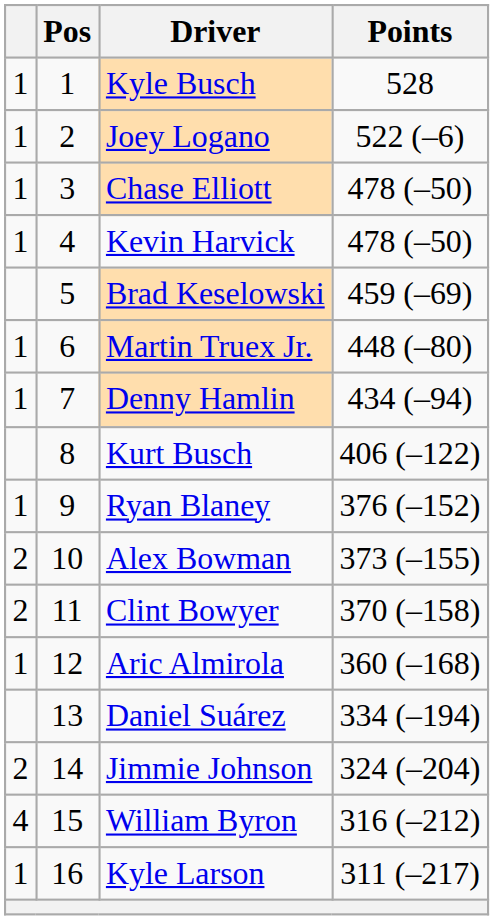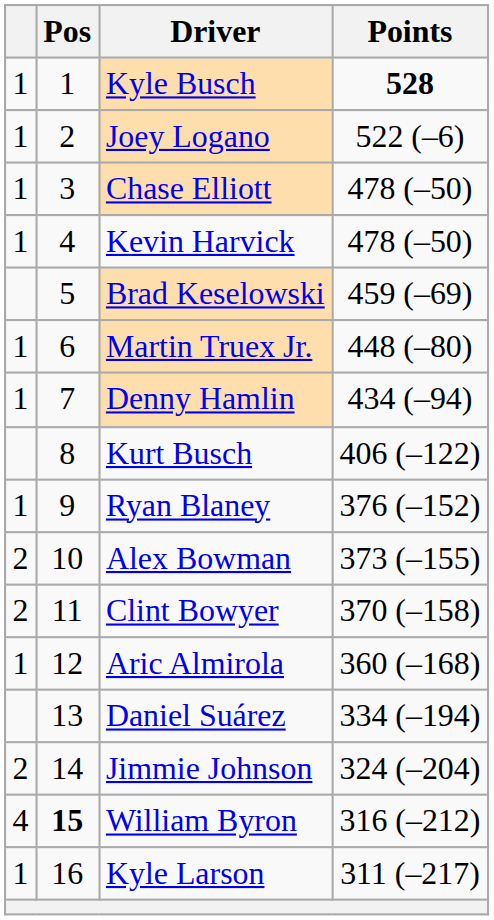 <table class="wikitable" style="font-size: 95%">
 <tr>
 <th></th>
 <th>Pos</th>
 <th>Driver</th>
 <th>Points</th>
 </tr>
 <tr>
 <td align="left"> 1</td>
 <td style="text-align:center;">1</td>
 <td style="background:#FFDEAD;"><a href='#'>Kyle Busch</a></td>
-<td style="text-align:center;">528</td>
+<td style="text-align:center;"><strong>528</strong></td>
 </tr>
 <tr>
 <td align="left"> 1</td>
 <td style="text-align:center;">2</td>
 <td style="background:#FFDEAD;"><a href='#'>Joey Logano</a></td>
 <td style="text-align:center;">522 (–6)</td>
 </tr>
 <tr>
 <td align="left"> 1</td>
 <td style="text-align:center;">3</td>
 <td style="background:#FFDEAD;"><a href='#'>Chase Elliott</a></td>
 <td style="text-align:center;">478 (–50)</td>
 </tr>
 <tr>
 <td align="left"> 1</td>
 <td style="text-align:center;">4</td>
 <td><a href='#'>Kevin Harvick</a></td>
 <td style="text-align:center;">478 (–50)</td>
 </tr>
 <tr>
 <td align="left"></td>
 <td style="text-align:center;">5</td>
 <td style="background:#FFDEAD;"><a href='#'>Brad Keselowski</a></td>
 <td style="text-align:center;">459 (–69)</td>
 </tr>
 <tr>
 <td align="left"> 1</td>
 <td style="text-align:center;">6</td>
 <td style="background:#FFDEAD;"><a href='#'>Martin Truex Jr.</a></td>
 <td style="text-align:center;">448 (–80)</td>
 </tr>
 <tr>
 <td align="left"> 1</td>
 <td style="text-align:center;">7</td>
 <td style="background:#FFDEAD;"><a href='#'>Denny Hamlin</a></td>
 <td style="text-align:center;">434 (–94)</td>
 </tr>
 <tr>
 <td align="left"></td>
 <td style="text-align:center;">8</td>
 <td><a href='#'>Kurt Busch</a></td>
 <td style="text-align:center;">406 (–122)</td>
 </tr>
 <tr>
 <td align="left"> 1</td>
 <td style="text-align:center;">9</td>
 <td><a href='#'>Ryan Blaney</a></td>
 <td style="text-align:center;">376 (–152)</td>
 </tr>
 <tr>
 <td align="left"> 2</td>
 <td style="text-align:center;">10</td>
 <td><a href='#'>Alex Bowman</a></td>
 <td style="text-align:center;">373 (–155)</td>
 </tr>
 <tr>
 <td align="left"> 2</td>
 <td style="text-align:center;">11</td>
 <td><a href='#'>Clint Bowyer</a></td>
 <td style="text-align:center;">370 (–158)</td>
 </tr>
 <tr>
 <td align="left"> 1</td>
 <td style="text-align:center;">12</td>
 <td><a href='#'>Aric Almirola</a></td>
 <td style="text-align:center;">360 (–168)</td>
 </tr>
 <tr>
 <td align="left"></td>
 <td style="text-align:center;">13</td>
 <td><a href='#'>Daniel Suárez</a></td>
 <td style="text-align:center;">334 (–194)</td>
 </tr>
 <tr>
 <td align="left"> 2</td>
 <td style="text-align:center;">14</td>
 <td><a href='#'>Jimmie Johnson</a></td>
 <td style="text-align:center;">324 (–204)</td>
 </tr>
 <tr>
 <td align="left"> 4</td>
-<td style="text-align:center;">15</td>
+<td style="text-align:center;"><strong>15</strong></td>
 <td><a href='#'>William Byron</a></td>
 <td style="text-align:center;">316 (–212)</td>
 </tr>
 <tr>
 <td align="left"> 1</td>
 <td style="text-align:center;">16</td>
 <td><a href='#'>Kyle Larson</a></td>
 <td style="text-align:center;">311 (–217)</td>
 </tr>
 <tr class="sortbottom">
 <th colspan="9"></th>
 </tr>
 </table>
